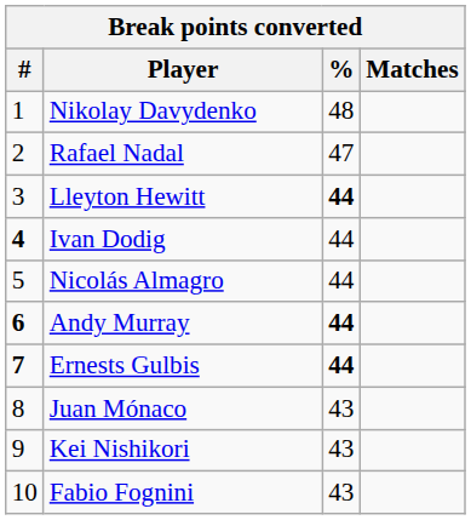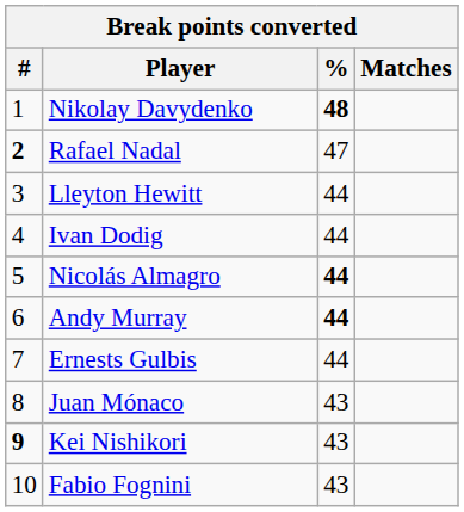 <table class="wikitable sortable" style=font-size:90%>
 <tr>
 <th colspan=4>Break points converted</th>
 </tr>
 <tr>
 <th>#</th>
 <th width=150>Player</th>
 <th>%</th>
 <th>Matches</th>
 </tr>
 <tr bgcolor=>
 <td>1</td>
 <td> <a href='#'>Nikolay Davydenko</a></td>
-<td>48</td>
+<td><strong>48</strong></td>
 <td></td>
 </tr>
 <tr>
-<td>2</td>
+<td><strong>2</strong></td>
 <td> <a href='#'>Rafael Nadal</a></td>
 <td>47</td>
 <td></td>
 </tr>
 <tr bgcolor=>
 <td>3</td>
 <td> <a href='#'>Lleyton Hewitt</a></td>
-<td><strong>44</strong></td>
+<td>44</td>
 <td></td>
 </tr>
 <tr>
-<td><strong>4</strong></td>
+<td>4</td>
 <td> <a href='#'>Ivan Dodig</a></td>
 <td>44</td>
 <td></td>
 </tr>
 <tr bgcolor=>
 <td>5</td>
 <td> <a href='#'>Nicolás Almagro</a></td>
-<td>44</td>
+<td><strong>44</strong></td>
 <td></td>
 </tr>
 <tr>
-<td><strong>6</strong></td>
+<td>6</td>
 <td> <a href='#'>Andy Murray</a></td>
 <td><strong>44</strong></td>
 <td></td>
 </tr>
 <tr bgcolor=>
-<td><strong>7</strong></td>
+<td>7</td>
 <td> <a href='#'>Ernests Gulbis</a></td>
-<td><strong>44</strong></td>
+<td>44</td>
 <td></td>
 </tr>
 <tr>
 <td>8</td>
 <td> <a href='#'>Juan Mónaco</a></td>
 <td>43</td>
 <td></td>
 </tr>
 <tr bgcolor=>
-<td>9</td>
+<td><strong>9</strong></td>
 <td> <a href='#'>Kei Nishikori</a></td>
 <td>43</td>
 <td></td>
 </tr>
 <tr>
 <td>10</td>
 <td> <a href='#'>Fabio Fognini</a></td>
 <td>43</td>
 <td></td>
 </tr>
 </table>
